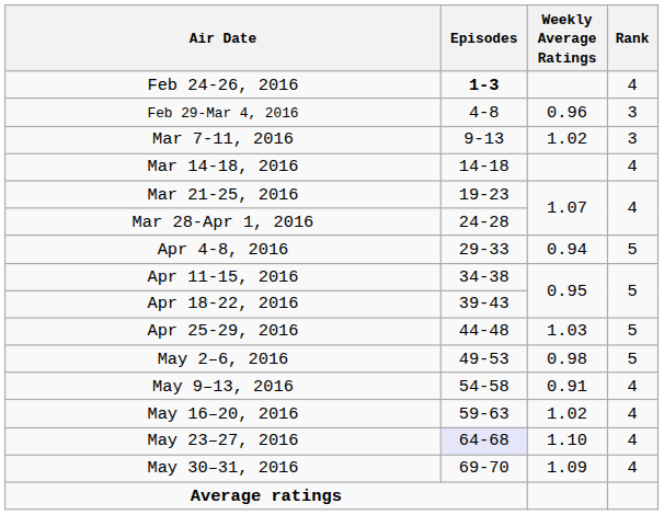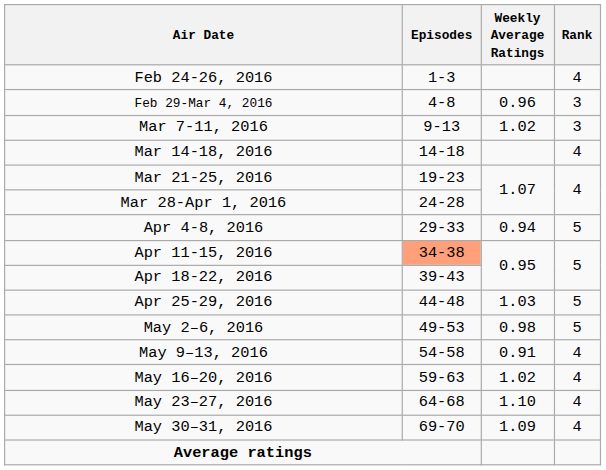 <table class="wikitable" style="text-align:center;width:40%;">
 <tr>
 <th width="50%"><small>Air Date</small></th>
 <th width="5%"><small>Episodes</small></th>
 <th width="6%"><small>Weekly Average Ratings</small></th>
 <th width="4%"><small>Rank</small></th>
 </tr>
 <tr>
 <td>Feb 24-26, 2016</td>
-<td><strong>1-3</strong></td>
+<td>1-3</td>
 <td><strong></strong></td>
 <td>4</td>
 </tr>
 <tr>
 <td><small>Feb 29-Mar 4, 2016</small></td>
 <td>4-8</td>
 <td>0.96</td>
 <td>3</td>
 </tr>
 <tr>
 <td>Mar 7-11, 2016</td>
 <td>9-13</td>
 <td>1.02</td>
 <td>3</td>
 </tr>
 <tr>
 <td>Mar 14-18, 2016</td>
 <td>14-18</td>
 <td><strong></strong></td>
 <td>4</td>
 </tr>
 <tr>
 <td>Mar 21-25, 2016</td>
 <td>19-23</td>
 <td rowspan=2>1.07</td>
 <td rowspan=2>4</td>
 </tr>
 <tr>
 <td>Mar 28-Apr 1, 2016</td>
 <td>24-28</td>
 </tr>
 <tr>
 <td>Apr 4-8, 2016</td>
 <td>29-33</td>
 <td>0.94</td>
 <td>5</td>
 </tr>
 <tr>
 <td>Apr 11-15, 2016</td>
-<td>34-38</td>
+<td style="background: lightsalmon;">34-38</td>
 <td rowspan=2>0.95</td>
 <td rowspan=2>5</td>
 </tr>
 <tr>
 <td>Apr 18-22, 2016</td>
 <td>39-43</td>
 </tr>
 <tr>
 <td>Apr 25-29, 2016</td>
 <td>44-48</td>
 <td>1.03</td>
 <td>5</td>
 </tr>
 <tr>
 <td>May 2–6, 2016</td>
 <td>49-53</td>
 <td>0.98</td>
 <td>5</td>
 </tr>
 <tr>
 <td>May 9–13, 2016</td>
 <td>54-58</td>
 <td>0.91</td>
 <td>4</td>
 </tr>
 <tr>
 <td>May 16–20, 2016</td>
 <td>59-63</td>
 <td>1.02</td>
 <td>4</td>
 </tr>
 <tr>
 <td>May 23–27, 2016</td>
-<td style="background: lavender;">64-68</td>
+<td>64-68</td>
 <td>1.10</td>
 <td>4</td>
 </tr>
 <tr>
 <td>May 30–31, 2016</td>
 <td>69-70</td>
 <td>1.09</td>
 <td>4</td>
 </tr>
 <tr>
 <td colspan=2><strong>Average ratings</strong></td>
 <td></td>
 <td></td>
 </tr>
 </table>
